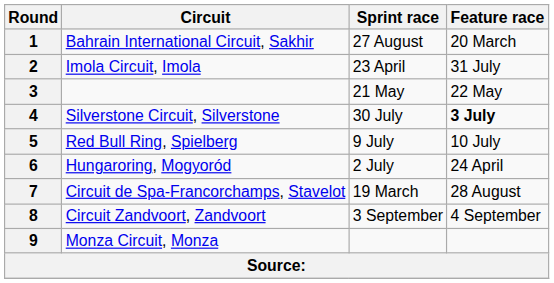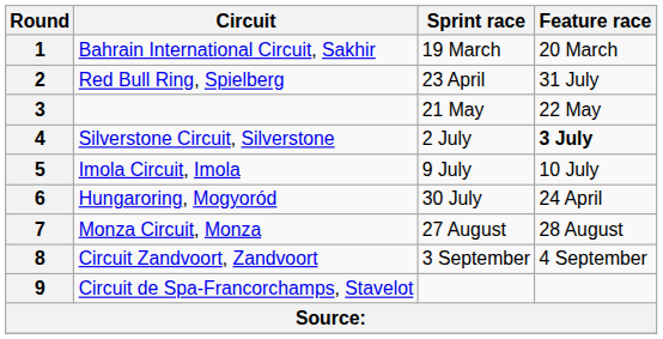 <table class=wikitable style="font-size:85%;">
 <tr>
 <th>Round</th>
 <th>Circuit</th>
 <th nowrap>Sprint race</th>
 <th nowrap>Feature race</th>
 </tr>
 <tr>
 <th>1</th>
 <td> <a href='#'>Bahrain International Circuit</a>, <a href='#'>Sakhir</a></td>
-<td>27 August</td>
+<td>19 March</td>
 <td>20 March</td>
 </tr>
 <tr>
 <th>2</th>
-<td nowrap> <a href='#'>Imola Circuit</a>, <a href='#'>Imola</a></td>
+<td nowrap> <a href='#'>Red Bull Ring</a>, <a href='#'>Spielberg</a></td>
 <td>23 April</td>
 <td>31 July</td>
 </tr>
 <tr>
 <th>3</th>
 <td></td>
 <td>21 May</td>
 <td>22 May</td>
 </tr>
 <tr>
 <th>4</th>
 <td nowrap> <a href='#'>Silverstone Circuit</a>, <a href='#'>Silverstone</a></td>
-<td>30 July</td>
+<td>2 July</td>
 <td><strong>3 July</strong></td>
 </tr>
 <tr>
 <th>5</th>
-<td nowrap> <a href='#'>Red Bull Ring</a>, <a href='#'>Spielberg</a></td>
+<td nowrap> <a href='#'>Imola Circuit</a>, <a href='#'>Imola</a></td>
 <td>9 July</td>
 <td>10 July</td>
 </tr>
 <tr>
 <th>6</th>
 <td nowrap> <a href='#'>Hungaroring</a>, <a href='#'>Mogyoród</a></td>
-<td>2 July</td>
+<td>30 July</td>
 <td>24 April</td>
 </tr>
 <tr>
 <th>7</th>
-<td nowrap> <a href='#'>Circuit de Spa-Francorchamps</a>, <a href='#'>Stavelot</a></td>
-<td>19 March</td>
+<td nowrap> <a href='#'>Monza Circuit</a>, <a href='#'>Monza</a></td>
+<td>27 August</td>
 <td>28 August</td>
 </tr>
 <tr>
 <th>8</th>
 <td nowrap> <a href='#'>Circuit Zandvoort</a>, <a href='#'>Zandvoort</a></td>
 <td>3 September</td>
 <td>4 September</td>
 </tr>
 <tr>
 <th>9</th>
-<td nowrap> <a href='#'>Monza Circuit</a>, <a href='#'>Monza</a></td>
+<td nowrap> <a href='#'>Circuit de Spa-Francorchamps</a>, <a href='#'>Stavelot</a></td>
 <td></td>
 <td></td>
 </tr>
 <tr>
 <th colspan=4>Source:</th>
 </tr>
 <tr>
 </tr>
 </table>
